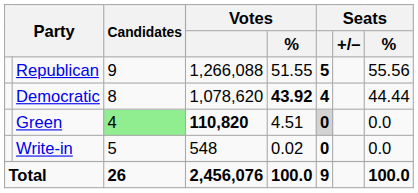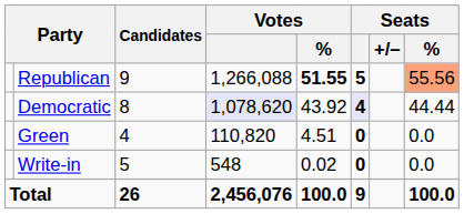 <table class="wikitable" style="font-size: 95%;">
 <tr>
 <th colspan="2" rowspan="2">Party</th>
 <th rowspan="2"><small>Candi</small><small>dates</small></th>
 <th colspan="2">Votes</th>
 <th colspan="3">Seats</th>
 </tr>
 <tr>
 <th></th>
 <th>%</th>
 <th></th>
 <th>+/–</th>
 <th>%</th>
 </tr>
 <tr>
 <td style="background:"></td>
 <td align="left"><a href='#'>Republican</a></td>
 <td>9</td>
 <td>1,266,088</td>
-<td>51.55</td>
+<td><strong>51.55</strong></td>
 <td><strong>5</strong></td>
 <td></td>
-<td>55.56</td>
+<td style="background: lightsalmon;">55.56</td>
 </tr>
 <tr>
 <td style="background:"></td>
 <td align="left"><a href='#'>Democratic</a></td>
 <td>8</td>
-<td>1,078,620</td>
-<td><strong>43.92</strong></td>
-<td><strong>4</strong></td>
+<td style="background: lavender;">1,078,620</td>
+<td>43.92</td>
+<td style="background: lavender;"><strong>4</strong></td>
 <td></td>
 <td>44.44</td>
 </tr>
 <tr>
 <td style="background:"></td>
 <td align="left"><a href='#'>Green</a></td>
-<td style="background: lightgreen;">4</td>
-<td><strong>110,820</strong></td>
+<td>4</td>
+<td>110,820</td>
 <td>4.51</td>
-<td style="background: lightgrey;"><strong>0</strong></td>
+<td><strong>0</strong></td>
 <td></td>
 <td>0.0</td>
 </tr>
 <tr>
 <td style="background:"></td>
 <td align="left"><a href='#'>Write-in</a></td>
 <td>5</td>
 <td>548</td>
 <td>0.02</td>
 <td><strong>0</strong></td>
 <td></td>
 <td>0.0</td>
 </tr>
 <tr>
 </tr>
 <tr style="font-weight:bold">
 <td colspan="2" align="left">Total</td>
 <td>26</td>
 <td>2,456,076</td>
 <td>100.0</td>
 <td>9</td>
 <td></td>
 <td>100.0</td>
 </tr>
 </table>
